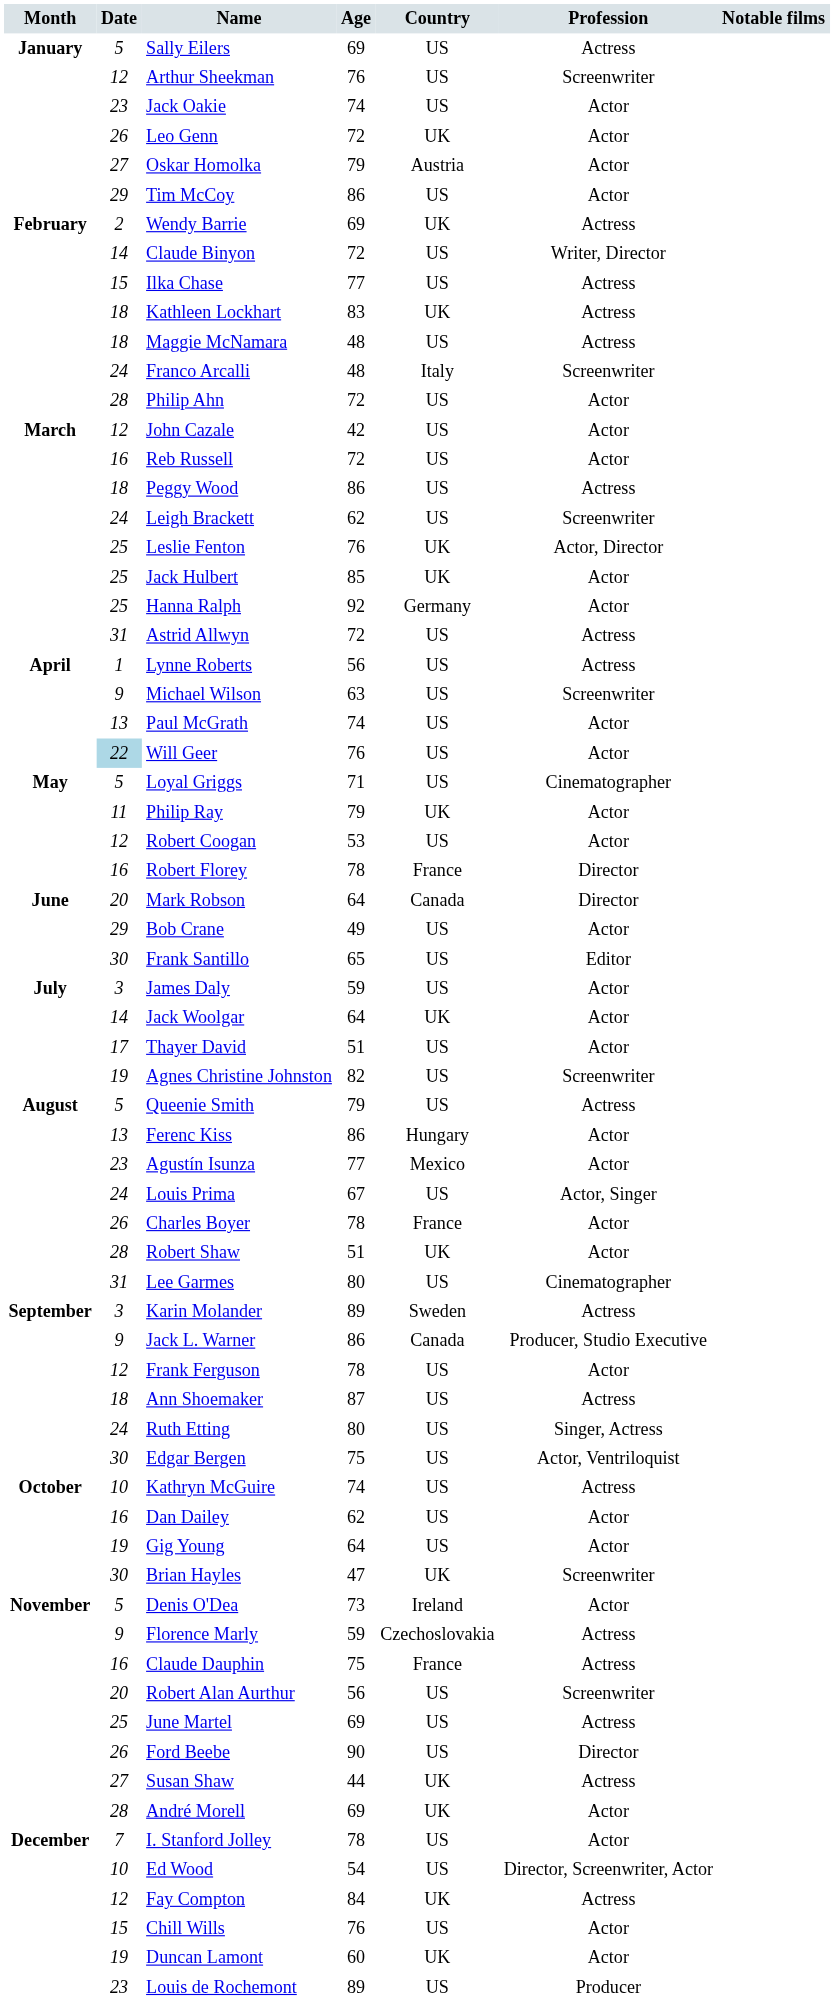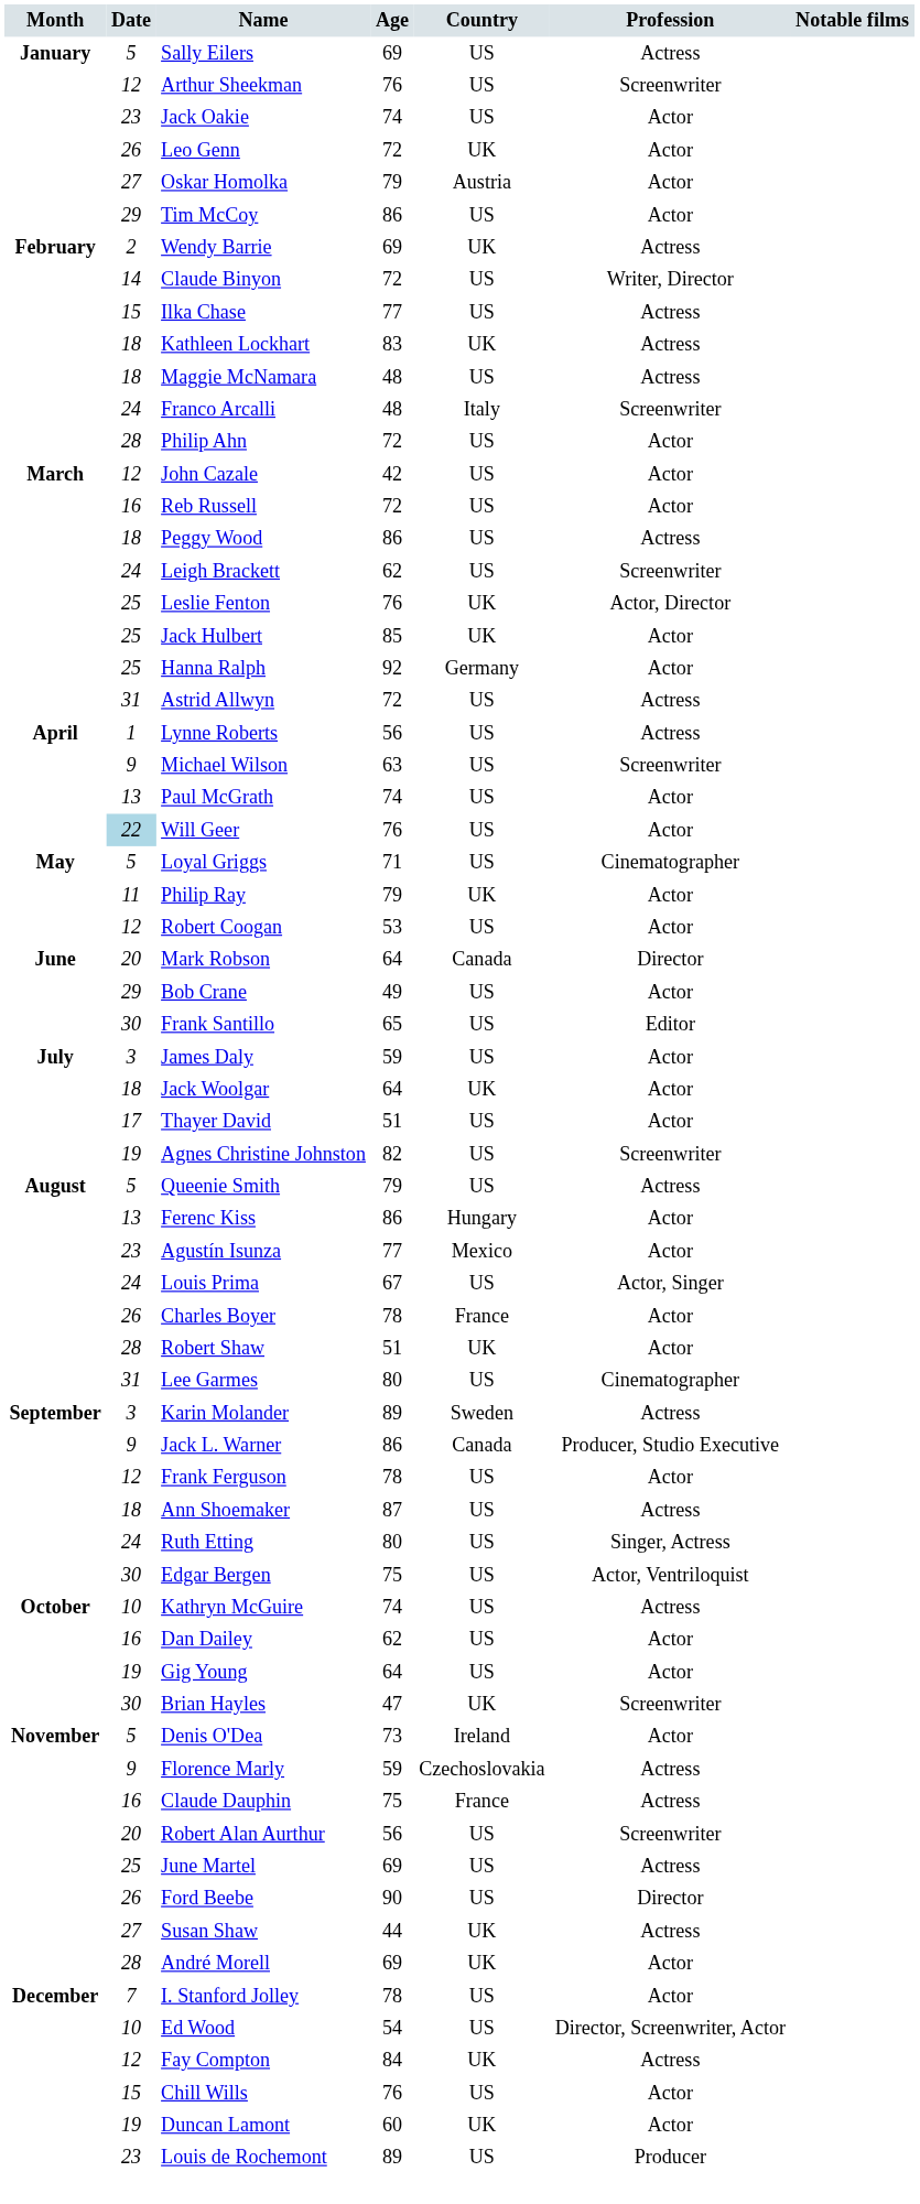 <table cellspacing="0" cellpadding="4" border="0">
 <tr style="background:#dae3e7; text-align:center;">
 <td><strong>Month</strong></td>
 <td><strong>Date</strong></td>
 <td><strong>Name</strong></td>
 <td><strong>Age</strong></td>
 <td><strong>Country</strong></td>
 <td><strong>Profession</strong></td>
 <td><strong>Notable films</strong></td>
 </tr>
 <tr valign="top">
 <td rowspan=6 style="text-align:center; vertical-align:top;"><strong>January</strong></td>
 <td style="text-align:center;"><em>5</em></td>
 <td><a href='#'>Sally Eilers</a></td>
 <td style="text-align:center;">69</td>
 <td style="text-align:center;">US</td>
 <td style="text-align:center;">Actress</td>
 <td></td>
 </tr>
 <tr>
 <td style="text-align:center;"><em>12</em></td>
 <td><a href='#'>Arthur Sheekman</a></td>
 <td style="text-align:center;">76</td>
 <td style="text-align:center;">US</td>
 <td style="text-align:center;">Screenwriter</td>
 <td></td>
 </tr>
 <tr>
 <td style="text-align:center;"><em>23</em></td>
 <td><a href='#'>Jack Oakie</a></td>
 <td style="text-align:center;">74</td>
 <td style="text-align:center;">US</td>
 <td style="text-align:center;">Actor</td>
 <td></td>
 </tr>
 <tr>
 <td style="text-align:center;"><em>26</em></td>
 <td><a href='#'>Leo Genn</a></td>
 <td style="text-align:center;">72</td>
 <td style="text-align:center;">UK</td>
 <td style="text-align:center;">Actor</td>
 <td></td>
 </tr>
 <tr>
 <td style="text-align:center;"><em>27</em></td>
 <td><a href='#'>Oskar Homolka</a></td>
 <td style="text-align:center;">79</td>
 <td style="text-align:center;">Austria</td>
 <td style="text-align:center;">Actor</td>
 <td></td>
 </tr>
 <tr>
 <td style="text-align:center;"><em>29</em></td>
 <td><a href='#'>Tim McCoy</a></td>
 <td style="text-align:center;">86</td>
 <td style="text-align:center;">US</td>
 <td style="text-align:center;">Actor</td>
 <td></td>
 </tr>
 <tr>
 <td rowspan=7 style="text-align:center; vertical-align:top;"><strong>February</strong></td>
 <td style="text-align:center;"><em>2</em></td>
 <td><a href='#'>Wendy Barrie</a></td>
 <td style="text-align:center;">69</td>
 <td style="text-align:center;">UK</td>
 <td style="text-align:center;">Actress</td>
 <td></td>
 </tr>
 <tr>
 <td style="text-align:center;"><em>14</em></td>
 <td><a href='#'>Claude Binyon</a></td>
 <td style="text-align:center;">72</td>
 <td style="text-align:center;">US</td>
 <td style="text-align:center;">Writer, Director</td>
 <td></td>
 </tr>
 <tr>
 <td style="text-align:center;"><em>15</em></td>
 <td><a href='#'>Ilka Chase</a></td>
 <td style="text-align:center;">77</td>
 <td style="text-align:center;">US</td>
 <td style="text-align:center;">Actress</td>
 <td></td>
 </tr>
 <tr>
 <td style="text-align:center;"><em>18</em></td>
 <td><a href='#'>Kathleen Lockhart</a></td>
 <td style="text-align:center;">83</td>
 <td style="text-align:center;">UK</td>
 <td style="text-align:center;">Actress</td>
 <td></td>
 </tr>
 <tr>
 <td style="text-align:center;"><em>18</em></td>
 <td><a href='#'>Maggie McNamara</a></td>
 <td style="text-align:center;">48</td>
 <td style="text-align:center;">US</td>
 <td style="text-align:center;">Actress</td>
 <td></td>
 </tr>
 <tr>
 <td style="text-align:center;"><em>24</em></td>
 <td><a href='#'>Franco Arcalli</a></td>
 <td style="text-align:center;">48</td>
 <td style="text-align:center;">Italy</td>
 <td style="text-align:center;">Screenwriter</td>
 <td></td>
 </tr>
 <tr>
 <td style="text-align:center;"><em>28</em></td>
 <td><a href='#'>Philip Ahn</a></td>
 <td style="text-align:center;">72</td>
 <td style="text-align:center;">US</td>
 <td style="text-align:center;">Actor</td>
 <td></td>
 </tr>
 <tr>
 <td rowspan=8 style="text-align:center; vertical-align:top;"><strong>March</strong></td>
 <td style="text-align:center;"><em>12</em></td>
 <td><a href='#'>John Cazale</a></td>
 <td style="text-align:center;">42</td>
 <td style="text-align:center;">US</td>
 <td style="text-align:center;">Actor</td>
 <td></td>
 </tr>
 <tr>
 <td style="text-align:center;"><em>16</em></td>
 <td><a href='#'>Reb Russell</a></td>
 <td style="text-align:center;">72</td>
 <td style="text-align:center;">US</td>
 <td style="text-align:center;">Actor</td>
 <td></td>
 </tr>
 <tr>
 <td style="text-align:center;"><em>18</em></td>
 <td><a href='#'>Peggy Wood</a></td>
 <td style="text-align:center;">86</td>
 <td style="text-align:center;">US</td>
 <td style="text-align:center;">Actress</td>
 <td></td>
 </tr>
 <tr>
 <td style="text-align:center;"><em>24</em></td>
 <td><a href='#'>Leigh Brackett</a></td>
 <td style="text-align:center;">62</td>
 <td style="text-align:center;">US</td>
 <td style="text-align:center;">Screenwriter</td>
 <td></td>
 </tr>
 <tr>
 <td style="text-align:center;"><em>25</em></td>
 <td><a href='#'>Leslie Fenton</a></td>
 <td style="text-align:center;">76</td>
 <td style="text-align:center;">UK</td>
 <td style="text-align:center;">Actor, Director</td>
 <td></td>
 </tr>
 <tr>
 <td style="text-align:center;"><em>25</em></td>
 <td><a href='#'>Jack Hulbert</a></td>
 <td style="text-align:center;">85</td>
 <td style="text-align:center;">UK</td>
 <td style="text-align:center;">Actor</td>
 <td></td>
 </tr>
 <tr>
 <td style="text-align:center;"><em>25</em></td>
 <td><a href='#'>Hanna Ralph</a></td>
 <td style="text-align:center;">92</td>
 <td style="text-align:center;">Germany</td>
 <td style="text-align:center;">Actor</td>
 <td></td>
 </tr>
 <tr>
 <td style="text-align:center;"><em>31</em></td>
 <td><a href='#'>Astrid Allwyn</a></td>
 <td style="text-align:center;">72</td>
 <td style="text-align:center;">US</td>
 <td style="text-align:center;">Actress</td>
 <td></td>
 </tr>
 <tr>
 <td rowspan=4 style="text-align:center; vertical-align:top;"><strong>April</strong></td>
 <td style="text-align:center;"><em>1</em></td>
 <td><a href='#'>Lynne Roberts</a></td>
 <td style="text-align:center;">56</td>
 <td style="text-align:center;">US</td>
 <td style="text-align:center;">Actress</td>
 <td></td>
 </tr>
 <tr>
 <td style="text-align:center;"><em>9</em></td>
 <td><a href='#'>Michael Wilson</a></td>
 <td style="text-align:center;">63</td>
 <td style="text-align:center;">US</td>
 <td style="text-align:center;">Screenwriter</td>
 <td></td>
 </tr>
 <tr>
 <td style="text-align:center;"><em>13</em></td>
 <td><a href='#'>Paul McGrath</a></td>
 <td style="text-align:center;">74</td>
 <td style="text-align:center;">US</td>
 <td style="text-align:center;">Actor</td>
 <td></td>
 </tr>
 <tr>
 <td style="background: lightblue; text-align:center;"><em>22</em></td>
 <td><a href='#'>Will Geer</a></td>
 <td style="text-align:center;">76</td>
 <td style="text-align:center;">US</td>
 <td style="text-align:center;">Actor</td>
 <td></td>
 </tr>
 <tr>
 <td style="text-align:center; vertical-align:top;"><strong>May</strong></td>
 <td style="text-align:center;"><em>5</em></td>
 <td><a href='#'>Loyal Griggs</a></td>
 <td style="text-align:center;">71</td>
 <td style="text-align:center;">US</td>
 <td style="text-align:center;">Cinematographer</td>
 <td></td>
 </tr>
 <tr>
 <td></td>
 <td style="text-align:center;"><em>11</em></td>
 <td><a href='#'>Philip Ray</a></td>
 <td style="text-align:center;">79</td>
 <td style="text-align:center;">UK</td>
 <td style="text-align:center;">Actor</td>
 <td></td>
 </tr>
 <tr>
 <td></td>
 <td style="text-align:center;"><em>12</em></td>
 <td><a href='#'>Robert Coogan</a></td>
 <td style="text-align:center;">53</td>
 <td style="text-align:center;">US</td>
 <td style="text-align:center;">Actor</td>
 <td></td>
 </tr>
 <tr>
-<td></td>
-<td style="text-align:center;"><em>16</em></td>
-<td><a href='#'>Robert Florey</a></td>
-<td style="text-align:center;">78</td>
-<td style="text-align:center;">France</td>
-<td style="text-align:center;">Director</td>
-<td></td>
-</tr>
-<tr>
 <td rowspan=3 style="text-align:center; vertical-align:top;"><strong>June</strong></td>
 <td style="text-align:center;"><em>20</em></td>
 <td><a href='#'>Mark Robson</a></td>
 <td style="text-align:center;">64</td>
 <td style="text-align:center;">Canada</td>
 <td style="text-align:center;">Director</td>
 <td></td>
 </tr>
 <tr>
 <td style="text-align:center;"><em>29</em></td>
 <td><a href='#'>Bob Crane</a></td>
 <td style="text-align:center;">49</td>
 <td style="text-align:center;">US</td>
 <td style="text-align:center;">Actor</td>
 <td></td>
 </tr>
 <tr>
 <td style="text-align:center;"><em>30</em></td>
 <td><a href='#'>Frank Santillo</a></td>
 <td style="text-align:center;">65</td>
 <td style="text-align:center;">US</td>
 <td style="text-align:center;">Editor</td>
 <td></td>
 </tr>
 <tr>
 <td rowspan=4 style="text-align:center; vertical-align:top;"><strong>July</strong></td>
 <td style="text-align:center;"><em>3</em></td>
 <td><a href='#'>James Daly</a></td>
 <td style="text-align:center;">59</td>
 <td style="text-align:center;">US</td>
 <td style="text-align:center;">Actor</td>
 <td></td>
 </tr>
 <tr>
-<td style="text-align:center;"><em>14</em></td>
+<td style="text-align:center;"><em>18</em></td>
 <td><a href='#'>Jack Woolgar</a></td>
 <td style="text-align:center;">64</td>
 <td style="text-align:center;">UK</td>
 <td style="text-align:center;">Actor</td>
 <td></td>
 </tr>
 <tr>
 <td style="text-align:center;"><em>17</em></td>
 <td><a href='#'>Thayer David</a></td>
 <td style="text-align:center;">51</td>
 <td style="text-align:center;">US</td>
 <td style="text-align:center;">Actor</td>
 <td></td>
 </tr>
 <tr>
 <td style="text-align:center;"><em>19</em></td>
 <td><a href='#'>Agnes Christine Johnston</a></td>
 <td style="text-align:center;">82</td>
 <td style="text-align:center;">US</td>
 <td style="text-align:center;">Screenwriter</td>
 <td></td>
 </tr>
 <tr>
 <td rowspan=7 style="text-align:center; vertical-align:top;"><strong>August</strong></td>
 <td style="text-align:center;"><em>5</em></td>
 <td><a href='#'>Queenie Smith</a></td>
 <td style="text-align:center;">79</td>
 <td style="text-align:center;">US</td>
 <td style="text-align:center;">Actress</td>
 <td></td>
 </tr>
 <tr>
 <td style="text-align:center;"><em>13</em></td>
 <td><a href='#'>Ferenc Kiss</a></td>
 <td style="text-align:center;">86</td>
 <td style="text-align:center;">Hungary</td>
 <td style="text-align:center;">Actor</td>
 <td></td>
 </tr>
 <tr>
 <td style="text-align:center;"><em>23</em></td>
 <td><a href='#'>Agustín Isunza</a></td>
 <td style="text-align:center;">77</td>
 <td style="text-align:center;">Mexico</td>
 <td style="text-align:center;">Actor</td>
 <td></td>
 </tr>
 <tr>
 <td style="text-align:center;"><em>24</em></td>
 <td><a href='#'>Louis Prima</a></td>
 <td style="text-align:center;">67</td>
 <td style="text-align:center;">US</td>
 <td style="text-align:center;">Actor, Singer</td>
 <td></td>
 </tr>
 <tr>
 <td style="text-align:center;"><em>26</em></td>
 <td><a href='#'>Charles Boyer</a></td>
 <td style="text-align:center;">78</td>
 <td style="text-align:center;">France</td>
 <td style="text-align:center;">Actor</td>
 <td></td>
 </tr>
 <tr>
 <td style="text-align:center;"><em>28</em></td>
 <td><a href='#'>Robert Shaw</a></td>
 <td style="text-align:center;">51</td>
 <td style="text-align:center;">UK</td>
 <td style="text-align:center;">Actor</td>
 <td></td>
 </tr>
 <tr>
 <td style="text-align:center;"><em>31</em></td>
 <td><a href='#'>Lee Garmes</a></td>
 <td style="text-align:center;">80</td>
 <td style="text-align:center;">US</td>
 <td style="text-align:center;">Cinematographer</td>
 <td></td>
 </tr>
 <tr>
 <td rowspan=6 style="text-align:center; vertical-align:top;"><strong>September</strong></td>
 <td style="text-align:center;"><em>3</em></td>
 <td><a href='#'>Karin Molander</a></td>
 <td style="text-align:center;">89</td>
 <td style="text-align:center;">Sweden</td>
 <td style="text-align:center;">Actress</td>
 <td></td>
 </tr>
 <tr>
 <td style="text-align:center;"><em>9</em></td>
 <td><a href='#'>Jack L. Warner</a></td>
 <td style="text-align:center;">86</td>
 <td style="text-align:center;">Canada</td>
 <td style="text-align:center;">Producer, Studio Executive</td>
 <td></td>
 </tr>
 <tr>
 <td style="text-align:center;"><em>12</em></td>
 <td><a href='#'>Frank Ferguson</a></td>
 <td style="text-align:center;">78</td>
 <td style="text-align:center;">US</td>
 <td style="text-align:center;">Actor</td>
 <td></td>
 </tr>
 <tr>
 <td style="text-align:center;"><em>18</em></td>
 <td><a href='#'>Ann Shoemaker</a></td>
 <td style="text-align:center;">87</td>
 <td style="text-align:center;">US</td>
 <td style="text-align:center;">Actress</td>
 <td></td>
 </tr>
 <tr>
 <td style="text-align:center;"><em>24</em></td>
 <td><a href='#'>Ruth Etting</a></td>
 <td style="text-align:center;">80</td>
 <td style="text-align:center;">US</td>
 <td style="text-align:center;">Singer, Actress</td>
 <td></td>
 </tr>
 <tr>
 <td style="text-align:center;"><em>30</em></td>
 <td><a href='#'>Edgar Bergen</a></td>
 <td style="text-align:center;">75</td>
 <td style="text-align:center;">US</td>
 <td style="text-align:center;">Actor, Ventriloquist</td>
 <td></td>
 </tr>
 <tr>
 <td rowspan=4 style="text-align:center; vertical-align:top;"><strong>October</strong></td>
 <td style="text-align:center;"><em>10</em></td>
 <td><a href='#'>Kathryn McGuire</a></td>
 <td style="text-align:center;">74</td>
 <td style="text-align:center;">US</td>
 <td style="text-align:center;">Actress</td>
 <td></td>
 </tr>
 <tr>
 <td style="text-align:center;"><em>16</em></td>
 <td><a href='#'>Dan Dailey</a></td>
 <td style="text-align:center;">62</td>
 <td style="text-align:center;">US</td>
 <td style="text-align:center;">Actor</td>
 <td></td>
 </tr>
 <tr>
 <td style="text-align:center;"><em>19</em></td>
 <td><a href='#'>Gig Young</a></td>
 <td style="text-align:center;">64</td>
 <td style="text-align:center;">US</td>
 <td style="text-align:center;">Actor</td>
 <td></td>
 </tr>
 <tr>
 <td style="text-align:center;"><em>30</em></td>
 <td><a href='#'>Brian Hayles</a></td>
 <td style="text-align:center;">47</td>
 <td style="text-align:center;">UK</td>
 <td style="text-align:center;">Screenwriter</td>
 <td></td>
 </tr>
 <tr>
 <td rowspan=8 style="text-align:center; vertical-align:top;"><strong>November</strong></td>
 <td style="text-align:center;"><em>5</em></td>
 <td><a href='#'>Denis O'Dea</a></td>
 <td style="text-align:center;">73</td>
 <td style="text-align:center;">Ireland</td>
 <td style="text-align:center;">Actor</td>
 <td></td>
 </tr>
 <tr>
 <td style="text-align:center;"><em>9</em></td>
 <td><a href='#'>Florence Marly</a></td>
 <td style="text-align:center;">59</td>
 <td style="text-align:center;">Czechoslovakia</td>
 <td style="text-align:center;">Actress</td>
 <td></td>
 </tr>
 <tr>
 <td style="text-align:center;"><em>16</em></td>
 <td><a href='#'>Claude Dauphin</a></td>
 <td style="text-align:center;">75</td>
 <td style="text-align:center;">France</td>
 <td style="text-align:center;">Actress</td>
 <td></td>
 </tr>
 <tr>
 <td style="text-align:center;"><em>20</em></td>
 <td><a href='#'>Robert Alan Aurthur</a></td>
 <td style="text-align:center;">56</td>
 <td style="text-align:center;">US</td>
 <td style="text-align:center;">Screenwriter</td>
 <td></td>
 </tr>
 <tr>
 <td style="text-align:center;"><em>25</em></td>
 <td><a href='#'>June Martel</a></td>
 <td style="text-align:center;">69</td>
 <td style="text-align:center;">US</td>
 <td style="text-align:center;">Actress</td>
 <td></td>
 </tr>
 <tr>
 <td style="text-align:center;"><em>26</em></td>
 <td><a href='#'>Ford Beebe</a></td>
 <td style="text-align:center;">90</td>
 <td style="text-align:center;">US</td>
 <td style="text-align:center;">Director</td>
 <td></td>
 </tr>
 <tr>
 <td style="text-align:center;"><em>27</em></td>
 <td><a href='#'>Susan Shaw</a></td>
 <td style="text-align:center;">44</td>
 <td style="text-align:center;">UK</td>
 <td style="text-align:center;">Actress</td>
 <td></td>
 </tr>
 <tr>
 <td style="text-align:center;"><em>28</em></td>
 <td><a href='#'>André Morell</a></td>
 <td style="text-align:center;">69</td>
 <td style="text-align:center;">UK</td>
 <td style="text-align:center;">Actor</td>
 <td></td>
 </tr>
 <tr>
 <td rowspan=6 style="text-align:center; vertical-align:top;"><strong>December</strong></td>
 <td style="text-align:center;"><em>7</em></td>
 <td><a href='#'>I. Stanford Jolley</a></td>
 <td style="text-align:center;">78</td>
 <td style="text-align:center;">US</td>
 <td style="text-align:center;">Actor</td>
 <td></td>
 </tr>
 <tr>
 <td style="text-align:center;"><em>10</em></td>
 <td><a href='#'>Ed Wood</a></td>
 <td style="text-align:center;">54</td>
 <td style="text-align:center;">US</td>
 <td style="text-align:center;">Director, Screenwriter, Actor</td>
 <td></td>
 </tr>
 <tr>
 <td style="text-align:center;"><em>12</em></td>
 <td><a href='#'>Fay Compton</a></td>
 <td style="text-align:center;">84</td>
 <td style="text-align:center;">UK</td>
 <td style="text-align:center;">Actress</td>
 <td></td>
 </tr>
 <tr>
 <td style="text-align:center;"><em>15</em></td>
 <td><a href='#'>Chill Wills</a></td>
 <td style="text-align:center;">76</td>
 <td style="text-align:center;">US</td>
 <td style="text-align:center;">Actor</td>
 <td></td>
 </tr>
 <tr>
 <td style="text-align:center;"><em>19</em></td>
 <td><a href='#'>Duncan Lamont</a></td>
 <td style="text-align:center;">60</td>
 <td style="text-align:center;">UK</td>
 <td style="text-align:center;">Actor</td>
 <td></td>
 </tr>
 <tr>
 <td style="text-align:center;"><em>23</em></td>
 <td><a href='#'>Louis de Rochemont</a></td>
 <td style="text-align:center;">89</td>
 <td style="text-align:center;">US</td>
 <td style="text-align:center;">Producer</td>
 <td></td>
 </tr>
 </table>
